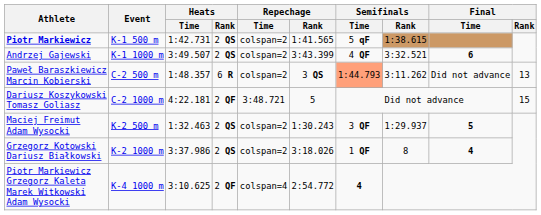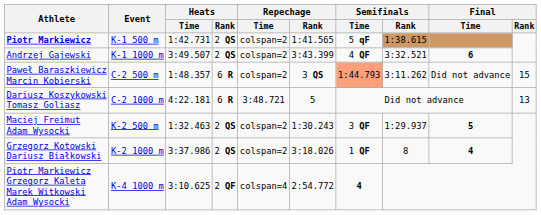 <table class=wikitable style="font-size:90%">
 <tr>
 <th rowspan="2">Athlete</th>
 <th rowspan="2">Event</th>
 <th colspan="2">Heats</th>
 <th colspan="2">Repechage</th>
 <th colspan="2">Semifinals</th>
 <th colspan="2">Final</th>
 </tr>
 <tr style="font-size:95%">
 <th>Time</th>
 <th>Rank</th>
 <th>Time</th>
 <th>Rank</th>
 <th>Time</th>
 <th>Rank</th>
 <th>Time</th>
 <th>Rank</th>
 </tr>
 <tr align=center>
 <td align=left><strong><a href='#'>Piotr Markiewicz</a></strong></td>
 <td align=left><a href='#'>K-1 500 m</a></td>
 <td>1:42.731</td>
 <td>2 <strong>QS</strong></td>
 <td>colspan=2 </td>
 <td>1:41.565</td>
 <td>5 <strong>qF</strong></td>
 <td align="center" bgcolor='cc9966'>1:38.615</td>
 <td align="center" bgcolor='cc9966'></td>
 </tr>
 <tr align=center>
 <td align=left><a href='#'>Andrzej Gajewski</a></td>
 <td align=left><a href='#'>K-1 1000 m</a></td>
 <td>3:49.507</td>
 <td>2 <strong>QS</strong></td>
 <td>colspan=2 </td>
 <td>3:43.399</td>
 <td>4 <strong>QF</strong></td>
 <td>3:32.521</td>
 <td><strong>6</strong></td>
 </tr>
 <tr align=center>
 <td align=left><a href='#'>Paweł Baraszkiewicz</a> <br><a href='#'>Marcin Kobierski</a></td>
 <td align=left><a href='#'>C-2 500 m</a></td>
 <td>1:48.357</td>
 <td>6 <strong>R</strong></td>
 <td>colspan=2 </td>
 <td>3 <strong>QS</strong></td>
 <td style="background: lightsalmon;">1:44.793</td>
 <td>3:11.262</td>
 <td colspan=1>Did not advance</td>
-<td>13</td>
+<td>15</td>
 </tr>
 <tr align=center>
 <td align=left><a href='#'>Dariusz Koszykowski</a><br><a href='#'>Tomasz Goliasz</a></td>
 <td align=left><a href='#'>C-2 1000 m</a></td>
 <td>4:22.181</td>
-<td>2 <strong>QF</strong></td>
+<td>6 <strong>R</strong></td>
 <td>3:48.721</td>
 <td>5</td>
 <td colspan=3>Did not advance</td>
-<td>15</td>
+<td>13</td>
 </tr>
 <tr align=center>
 <td align=left><a href='#'>Maciej Freimut</a> <br> <a href='#'>Adam Wysocki</a></td>
 <td align=left><a href='#'>K-2 500 m</a></td>
 <td>1:32.463</td>
 <td>2 <strong>QS</strong></td>
 <td>colspan=2 </td>
 <td>1:30.243</td>
 <td>3 <strong>QF</strong></td>
 <td>1:29.937</td>
 <td><strong>5</strong></td>
 </tr>
 <tr align=center>
 <td align=left><a href='#'>Grzegorz Kotowski</a> <br> <a href='#'>Dariusz Białkowski</a></td>
 <td align=left><a href='#'>K-2 1000 m</a></td>
 <td>3:37.986</td>
 <td>2 <strong>QS</strong></td>
 <td>colspan=2 </td>
 <td>3:18.026</td>
 <td>1 <strong>QF</strong></td>
 <td>8</td>
 <td><strong>4</strong></td>
 </tr>
 <tr align=center>
 <td align=left><a href='#'>Piotr Markiewicz</a> <br><a href='#'>Grzegorz Kaleta</a><br><a href='#'>Marek Witkowski</a><br><a href='#'>Adam Wysocki</a></td>
 <td align=left><a href='#'>K-4 1000 m</a></td>
 <td>3:10.625</td>
 <td>2 <strong>QF</strong></td>
 <td>colspan=4 </td>
 <td>2:54.772</td>
 <td><strong>4</strong></td>
 </tr>
 </table>
